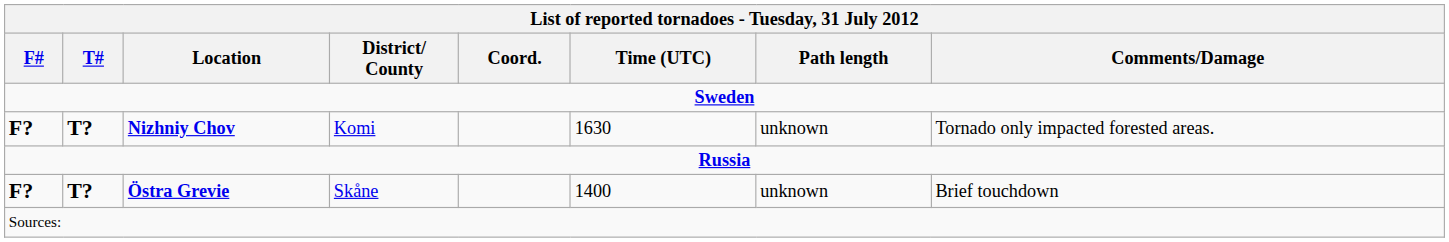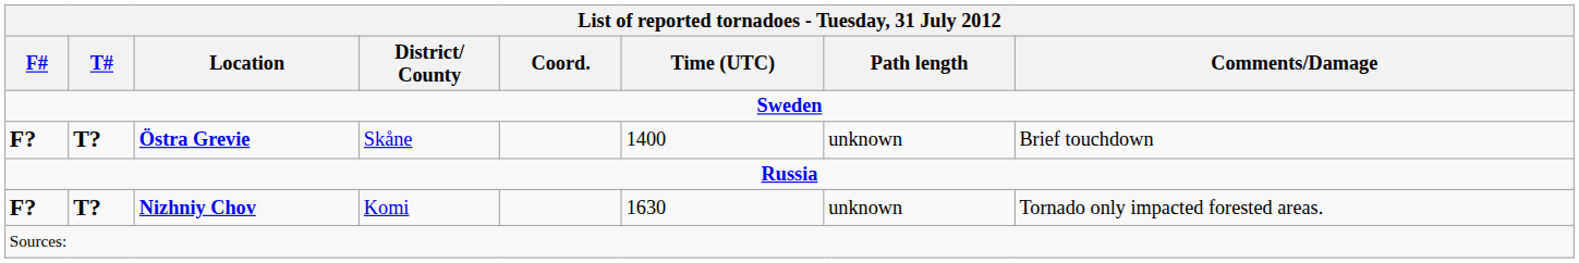 <table class="wikitable collapsible" width="100%">
 <tr>
 <th colspan="8">List of reported tornadoes - Tuesday, 31 July 2012</th>
 </tr>
 <tr>
 <th><a href='#'>F#</a></th>
 <th><a href='#'>T#</a></th>
 <th>Location</th>
 <th>District/<br>County</th>
 <th>Coord.</th>
 <th>Time (UTC)</th>
 <th>Path length</th>
 <th>Comments/Damage</th>
 </tr>
 <tr>
 <td colspan="8" align=center><strong><a href='#'>Sweden</a></strong></td>
 </tr>
 <tr>
 <td><big><strong>F?</strong></big></td>
 <td><big><strong>T?</strong></big></td>
+<td><strong><a href='#'>Östra Grevie</a></strong></td>
+<td><a href='#'>Skåne</a></td>
+<td></td>
+<td>1400</td>
+<td>unknown</td>
+<td>Brief touchdown</td>
+</tr>
+<tr>
+<td colspan="8" align=center><strong><a href='#'>Russia</a></strong></td>
+</tr>
+<tr>
+<td><big><strong>F?</strong></big></td>
+<td><big><strong>T?</strong></big></td>
 <td><strong><a href='#'>Nizhniy Chov</a></strong></td>
 <td><a href='#'>Komi</a></td>
 <td></td>
 <td>1630</td>
 <td>unknown</td>
 <td>Tornado only impacted forested areas.</td>
 </tr>
 <tr>
-<td colspan="8" align=center><strong><a href='#'>Russia</a></strong></td>
-</tr>
-<tr>
-<td><big><strong>F?</strong></big></td>
-<td><big><strong>T?</strong></big></td>
-<td><strong><a href='#'>Östra Grevie</a></strong></td>
-<td><a href='#'>Skåne</a></td>
-<td></td>
-<td>1400</td>
-<td>unknown</td>
-<td>Brief touchdown</td>
-</tr>
-<tr>
 <td colspan="8"><small>Sources:  </small></td>
 </tr>
 </table>
